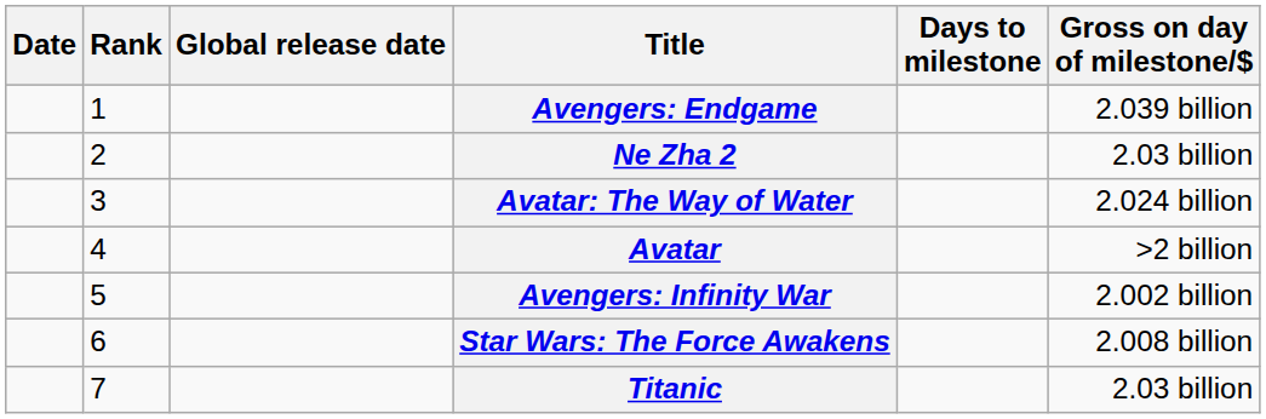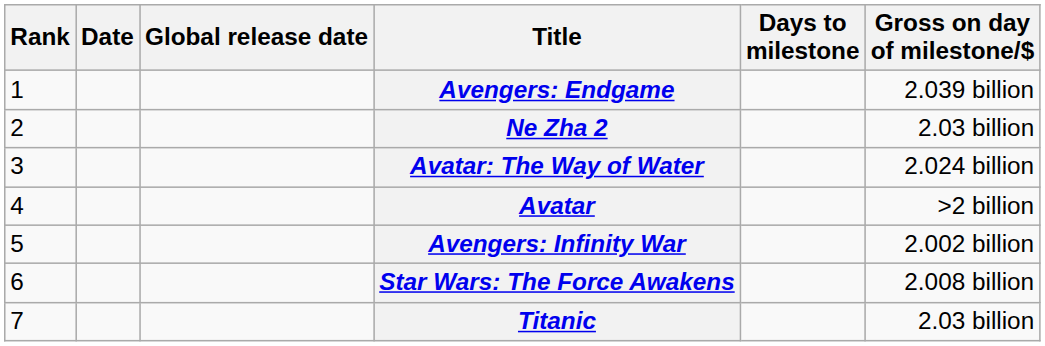 <table class="wikitable">
 <tr>
+<th scope="col">Rank</th>
 <th scope="col">Date</th>
-<th scope="col">Rank</th>
 <th>Global release date</th>
 <th scope="col">Title</th>
 <th scope="col">Days to<br> milestone</th>
 <th scope="col">Gross on day<br> of milestone/$</th>
 </tr>
 <tr>
+<td>1</td>
 <td></td>
-<td>1</td>
 <td></td>
 <th scope="row"><em><a href='#'>Avengers: Endgame</a></em></th>
 <td style="text-align:right;"></td>
 <td style="text-align:right;">2.039 billion</td>
 </tr>
 <tr>
+<td>2</td>
 <td></td>
-<td>2</td>
 <td></td>
 <th scope="row"><em><a href='#'>Ne Zha 2</a></em></th>
 <td style="text-align:right;"></td>
 <td style="text-align:right;">2.03 billion</td>
 </tr>
 <tr>
+<td>3</td>
 <td></td>
-<td>3</td>
 <td></td>
 <th scope="row"><em><a href='#'>Avatar: The Way of Water</a></em></th>
 <td style="text-align:right;"></td>
 <td style="text-align:right;">2.024 billion</td>
 </tr>
 <tr>
+<td>4</td>
 <td></td>
-<td>4</td>
 <td></td>
 <th scope="row"><em><a href='#'>Avatar</a></em></th>
 <td style="text-align:right;"></td>
 <td style="text-align:right;">>2 billion</td>
 </tr>
 <tr>
+<td>5</td>
 <td></td>
-<td>5</td>
 <td></td>
 <th scope="row"><em><a href='#'>Avengers: Infinity War</a></em></th>
 <td style="text-align:right;"></td>
 <td style="text-align:right;">2.002 billion</td>
 </tr>
 <tr>
+<td>6</td>
 <td></td>
-<td>6</td>
 <td></td>
 <th scope="row"><em><a href='#'>Star Wars: The Force Awakens</a></em></th>
 <td style="text-align:right;"></td>
 <td style="text-align:right;">2.008 billion</td>
 </tr>
 <tr>
+<td>7</td>
 <td></td>
-<td>7</td>
 <td></td>
 <th scope="row"><em><a href='#'>Titanic</a></em></th>
 <td style="text-align:right;"></td>
 <td style="text-align:right;">2.03 billion</td>
 </tr>
 </table>
